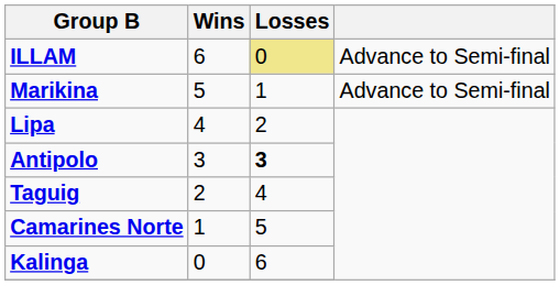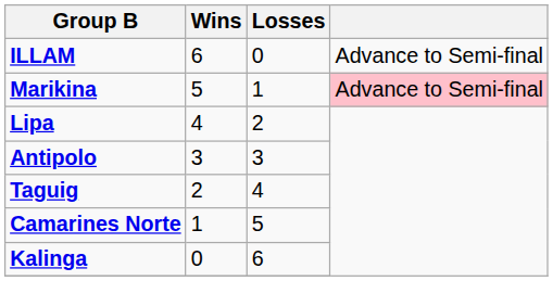 <table class="wikitable">
 <tr align=center>
 <th>Group B</th>
 <th>Wins</th>
 <th>Losses</th>
 <th></th>
 </tr>
 <tr>
 <td><strong><a href='#'>ILLAM</a></strong></td>
 <td>6</td>
-<td style="background: khaki;">0</td>
+<td>0</td>
 <td>Advance to Semi-final</td>
 </tr>
 <tr>
 <td><strong><a href='#'>Marikina</a></strong></td>
 <td>5</td>
 <td>1</td>
-<td>Advance to Semi-final</td>
+<td style="background: pink;">Advance to Semi-final</td>
 </tr>
 <tr>
 <td><strong><a href='#'>Lipa</a></strong></td>
 <td>4</td>
 <td>2</td>
 </tr>
 <tr>
 <td><strong><a href='#'>Antipolo</a></strong></td>
 <td>3</td>
-<td><strong>3</strong></td>
+<td>3</td>
 </tr>
 <tr>
 <td><strong><a href='#'>Taguig</a></strong></td>
 <td>2</td>
 <td>4</td>
 </tr>
 <tr>
 <td><strong><a href='#'>Camarines Norte</a></strong></td>
 <td>1</td>
 <td>5</td>
 </tr>
 <tr>
 <td><strong><a href='#'>Kalinga</a></strong></td>
 <td>0</td>
 <td>6</td>
 </tr>
 <tr>
 </tr>
 </table>
